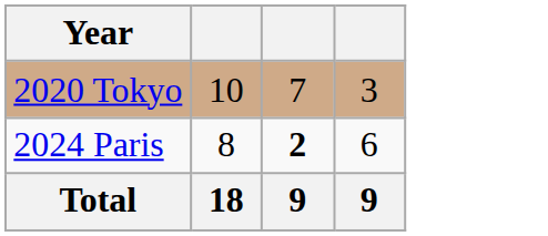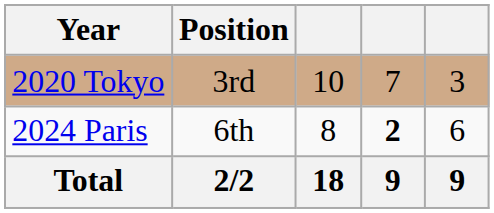 <table class="wikitable" style="text-align: center;">
 <tr>
 <th>Year</th>
+<th>Position</th>
 <th width=25px></th>
 <th width=25px></th>
 <th width=25px></th>
 </tr>
 <tr style="background:#cfaa88;">
 <td style="text-align: left;"> <a href='#'>2020 Tokyo</a></td>
+<td>3rd</td>
 <td>10</td>
 <td>7</td>
 <td>3</td>
 </tr>
 <tr>
 <td style="text-align: left;"> <a href='#'>2024 Paris</a></td>
+<td>6th</td>
 <td>8</td>
 <td><strong>2</strong></td>
 <td>6</td>
 </tr>
 <tr>
 <th>Total</th>
+<th>2/2</th>
 <th>18</th>
 <th>9</th>
 <th>9</th>
 </tr>
 </table>
